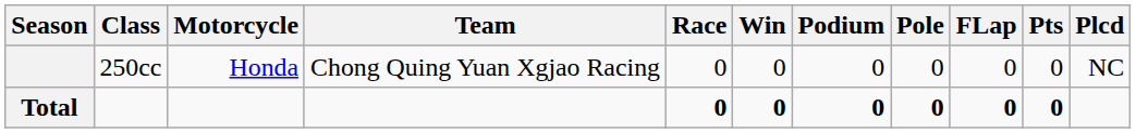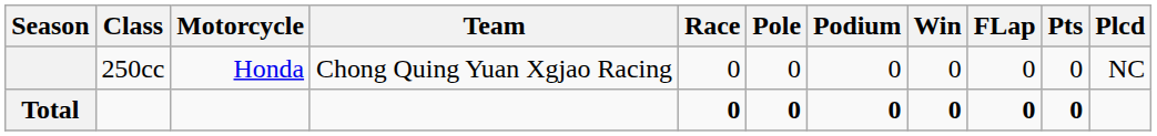 <table class="wikitable">
 <tr>
 <th>Season</th>
 <th>Class</th>
 <th>Motorcycle</th>
 <th>Team</th>
 <th>Race</th>
+<th>Pole</th>
+<th>Podium</th>
 <th>Win</th>
-<th>Podium</th>
-<th>Pole</th>
 <th>FLap</th>
 <th>Pts</th>
 <th>Plcd</th>
 </tr>
 <tr align="right">
 <th></th>
 <td>250cc</td>
 <td><a href='#'>Honda</a></td>
 <td>Chong Quing Yuan Xgjao Racing</td>
 <td>0</td>
 <td>0</td>
 <td>0</td>
 <td>0</td>
 <td>0</td>
 <td>0</td>
 <td>NC</td>
 </tr>
 <tr align="right">
 <th>Total</th>
 <td></td>
 <td></td>
 <td></td>
 <td><strong>0</strong></td>
 <td><strong>0</strong></td>
 <td><strong>0</strong></td>
 <td><strong>0</strong></td>
 <td><strong>0</strong></td>
 <td><strong>0</strong></td>
 <td></td>
 </tr>
 </table>
